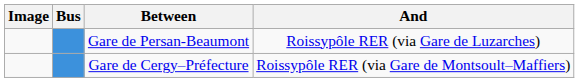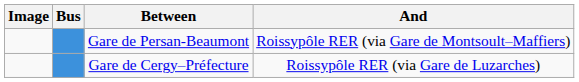 <table class="wikitable alternance centre" style="text-align:center;">
 <tr>
 <th>Image</th>
 <th>Bus</th>
 <th>Between</th>
 <th>And</th>
 </tr>
 <tr>
 <td></td>
 <td style="background:#3c91dc;"></td>
 <td><a href='#'>Gare de Persan-Beaumont</a></td>
-<td><a href='#'>Roissypôle RER</a> (via <a href='#'>Gare de Luzarches</a>)</td>
+<td><a href='#'>Roissypôle RER</a> (via <a href='#'>Gare de Montsoult–Maffiers</a>)</td>
 </tr>
 <tr>
 <td></td>
 <td style="background:#3c91dc;"></td>
 <td><a href='#'>Gare de Cergy–Préfecture</a></td>
-<td><a href='#'>Roissypôle RER</a> (via <a href='#'>Gare de Montsoult–Maffiers</a>)</td>
+<td><a href='#'>Roissypôle RER</a> (via <a href='#'>Gare de Luzarches</a>)</td>
 </tr>
 </table>
